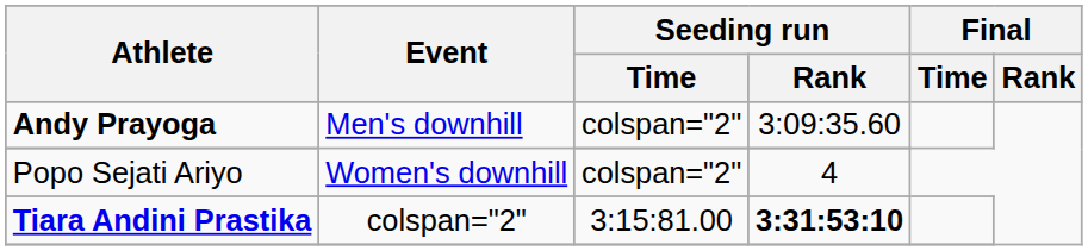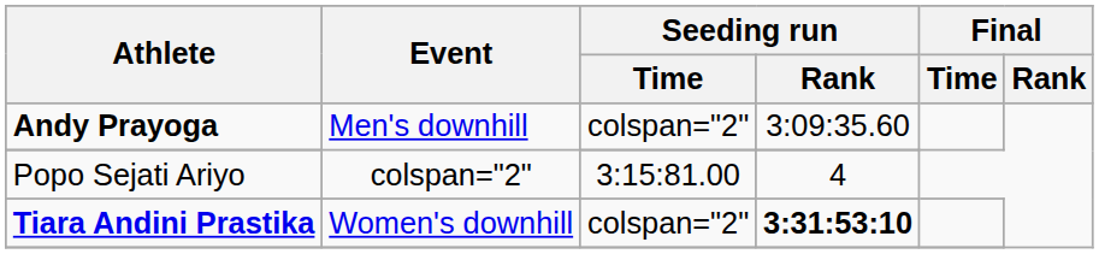 <table class=wikitable style="font-size:90%; text-align:center">
 <tr>
 <th rowspan="2">Athlete</th>
 <th rowspan="2">Event</th>
 <th colspan=2>Seeding run</th>
 <th colspan=2>Final</th>
 </tr>
 <tr>
 <th>Time</th>
 <th>Rank</th>
 <th>Time</th>
 <th>Rank</th>
 </tr>
 <tr>
 <td align=left><strong>Andy Prayoga</strong></td>
 <td align=left rowspan="2"><a href='#'>Men's downhill</a></td>
 <td>colspan="2" </td>
 <td>3:09:35.60</td>
 <td></td>
 </tr>
 <tr>
 </tr>
 <tr>
 <td align=left>Popo Sejati Ariyo</td>
-<td align=left><a href='#'>Women's downhill</a></td>
 <td>colspan="2" </td>
+<td>3:15:81.00</td>
 <td>4</td>
 </tr>
 <tr>
 <td align=left><strong><a href='#'>Tiara Andini Prastika</a></strong></td>
+<td align=left><a href='#'>Women's downhill</a></td>
 <td>colspan="2" </td>
-<td>3:15:81.00</td>
 <td><strong>3:31:53:10</strong></td>
 <td></td>
 </tr>
 <tr>
 </tr>
 </table>
